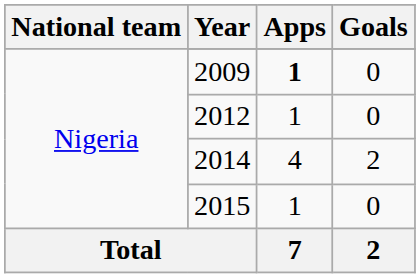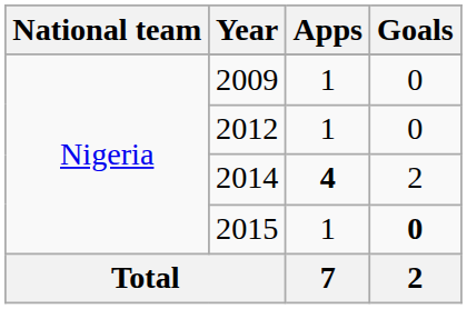 <table class="wikitable" style="text-align:center">
 <tr>
 <th>National team</th>
 <th>Year</th>
 <th>Apps</th>
 <th>Goals</th>
 </tr>
 <tr>
 <td rowspan=5><a href='#'>Nigeria</a></td>
 </tr>
 <tr>
 <td>2009</td>
-<td><strong>1</strong></td>
+<td>1</td>
 <td>0</td>
 </tr>
 <tr>
 <td>2012</td>
 <td>1</td>
 <td>0</td>
 </tr>
 <tr>
 <td>2014</td>
-<td>4</td>
+<td><strong>4</strong></td>
 <td>2</td>
 </tr>
 <tr>
 <td>2015</td>
 <td>1</td>
-<td>0</td>
+<td><strong>0</strong></td>
 </tr>
 <tr>
 <th colspan=2>Total</th>
 <th>7</th>
 <th>2</th>
 </tr>
 </table>
